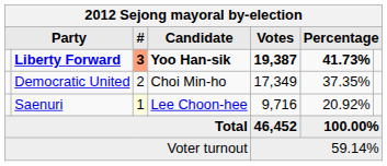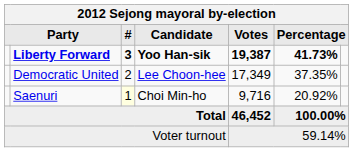 <table class="wikitable">
 <tr>
 <th colspan="7">2012 Sejong mayoral by-election</th>
 </tr>
 <tr>
 <th style="background-color:#E9E9E9" colspan=2>Party</th>
 <th style="background-color:#E9E9E9">#</th>
 <th style="background-color:#E9E9E9">Candidate</th>
 <th style="background-color:#E9E9E9">Votes</th>
 <th style="background-color:#E9E9E9" colspan=2>Percentage</th>
 </tr>
 <tr style="font-weight:bold">
 <td></td>
 <td align=left><a href='#'>Liberty Forward</a></td>
-<td align=center style="background: lightsalmon;">3</td>
+<td align=center>3</td>
 <td align=left>Yoo Han-sik</td>
 <td align=right>19,387</td>
 <td align=right>41.73%</td>
 <td align=right></td>
 </tr>
 <tr>
 <td></td>
 <td align=left><a href='#'>Democratic United</a></td>
 <td align=center>2</td>
-<td align=left>Choi Min-ho</td>
+<td align=left><a href='#'>Lee Choon-hee</a></td>
 <td align=right>17,349</td>
 <td align=right>37.35%</td>
 <td align=right></td>
 </tr>
 <tr>
 <td></td>
 <td align=left><a href='#'>Saenuri</a></td>
 <td align=center style="background: lightyellow;">1</td>
-<td align=left><a href='#'>Lee Choon-hee</a></td>
+<td align=left>Choi Min-ho</td>
 <td align=right>9,716</td>
 <td align=right>20.92%</td>
 <td align=right></td>
 </tr>
 <tr bgcolor="#EEEEEE" style="font-weight:bold">
 <td colspan="4" align=right>Total</td>
 <td align=right>46,452</td>
 <td align=right colspan=2>100.00%</td>
 </tr>
 <tr bgcolor="#EEEEEE">
 <td colspan="4" align="right">Voter turnout</td>
 <td colspan="3" align="right">59.14%</td>
 </tr>
 </table>
